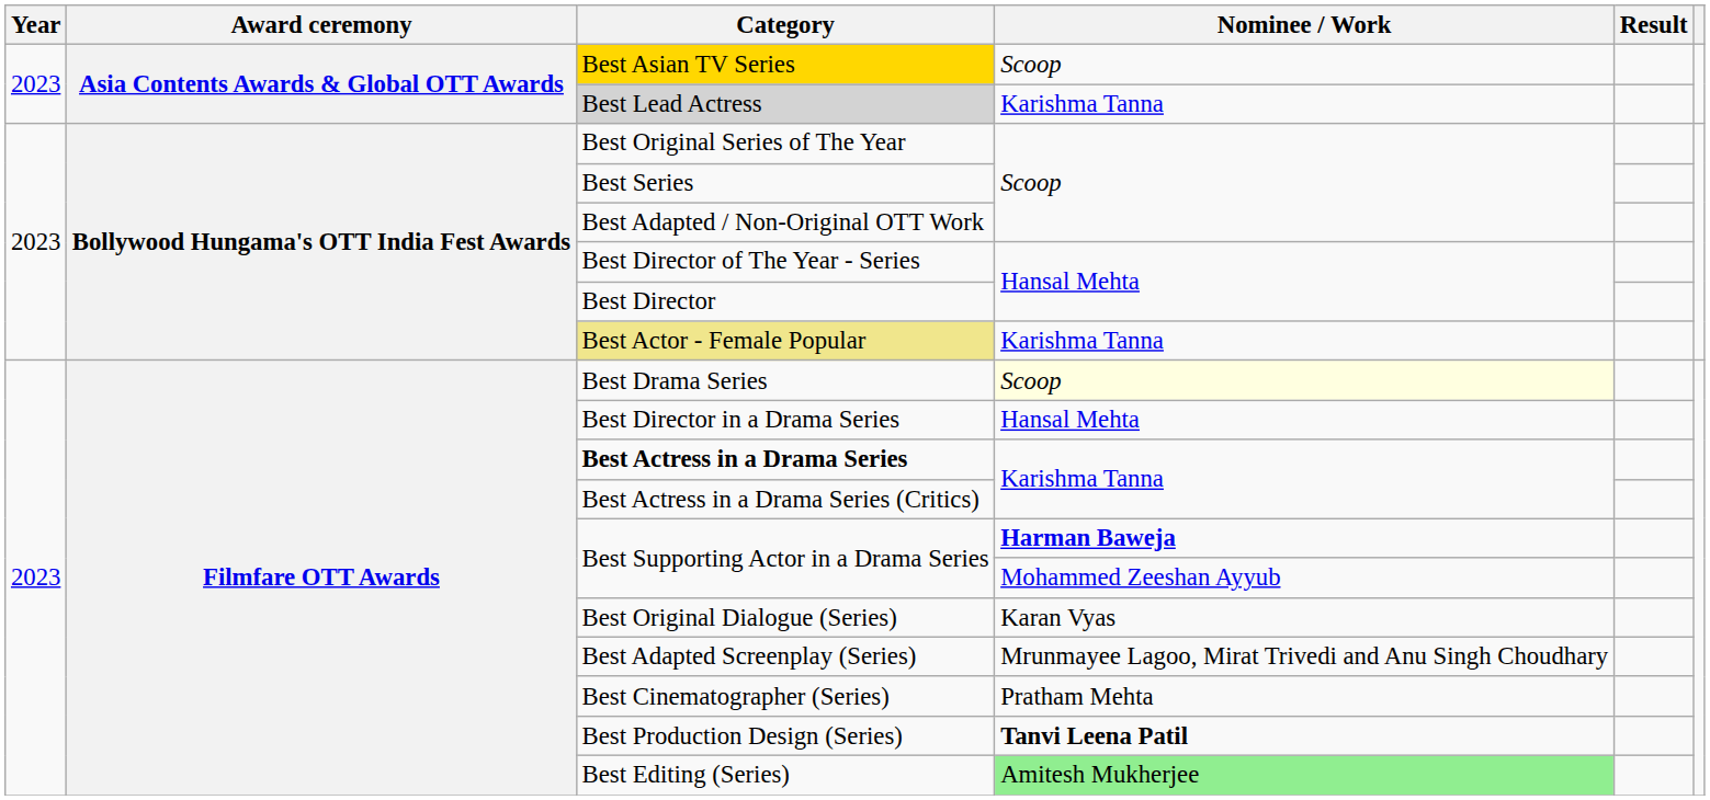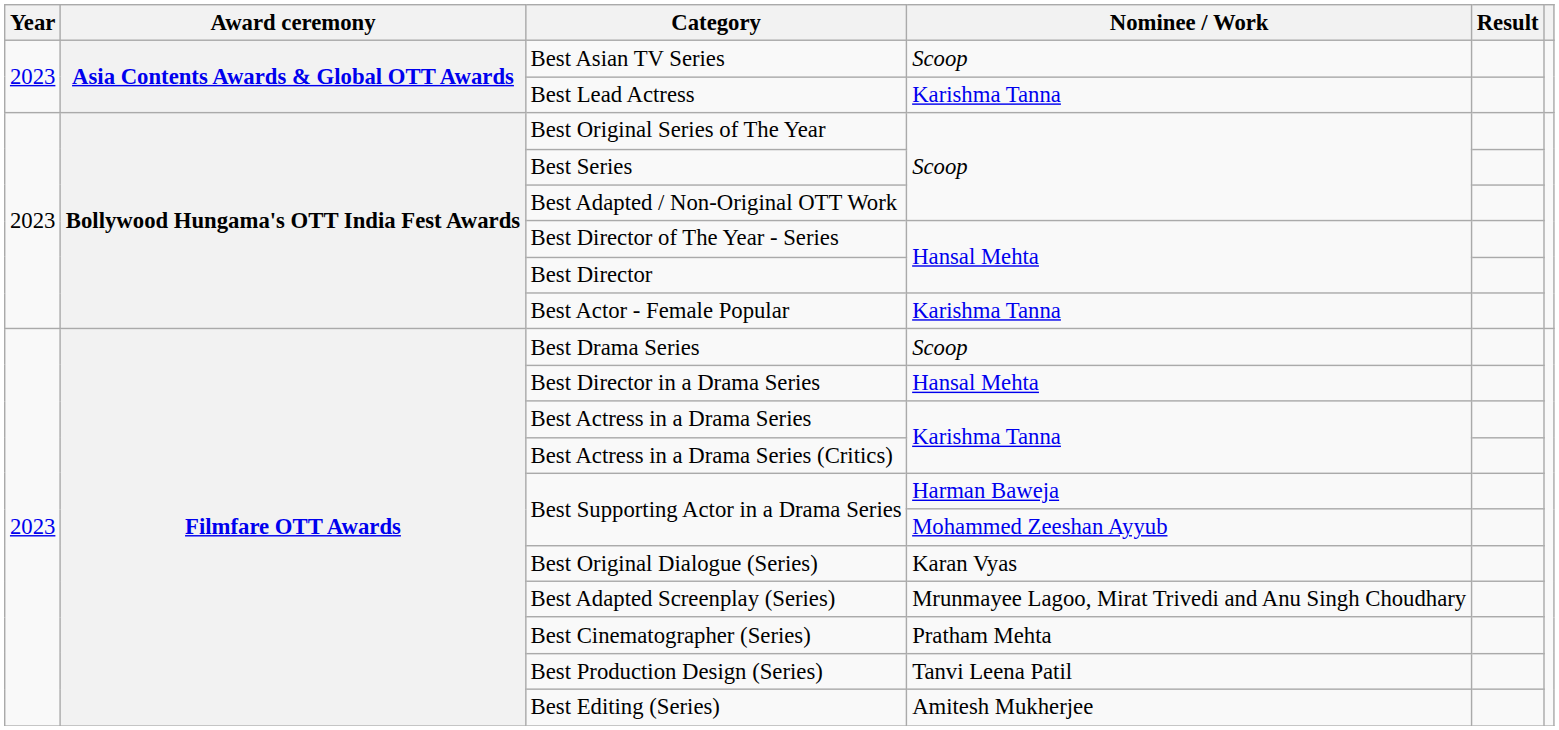 <table class="wikitable plainrowheaders sortable">
 <tr>
 <th scope="col">Year</th>
 <th scope="col">Award ceremony</th>
 <th scope="col">Category</th>
 <th scope="col">Nominee / Work</th>
 <th scope="col">Result</th>
 <th scope="col" class="unsortable"></th>
 </tr>
 <tr>
 <td rowspan=2><a href='#'>2023</a></td>
 <th scope="row" rowspan=2><a href='#'>Asia Contents Awards & Global OTT Awards</a></th>
-<td style="background: gold;">Best Asian TV Series</td>
+<td>Best Asian TV Series</td>
 <td><em>Scoop</em></td>
 <td></td>
 <td style="text-align: center;" rowspan="2"></td>
 </tr>
 <tr>
-<td style="background: lightgrey;">Best Lead Actress</td>
+<td>Best Lead Actress</td>
 <td><a href='#'>Karishma Tanna</a></td>
 <td></td>
 </tr>
 <tr>
 <td rowspan="6">2023</td>
 <th scope="row" rowspan="6">Bollywood Hungama's OTT India Fest Awards</th>
 <td>Best Original Series of The Year</td>
 <td rowspan="3"><em>Scoop</em></td>
 <td></td>
 <td rowspan="6"></td>
 </tr>
 <tr>
 <td>Best Series</td>
 <td></td>
 </tr>
 <tr>
 <td>Best Adapted / Non-Original OTT Work</td>
 <td></td>
 </tr>
 <tr>
 <td>Best Director of The Year - Series</td>
 <td rowspan="2"><a href='#'>Hansal Mehta</a></td>
 <td></td>
 </tr>
 <tr>
 <td>Best Director</td>
 <td></td>
 </tr>
 <tr>
-<td style="background: khaki;">Best Actor - Female Popular</td>
+<td>Best Actor - Female Popular</td>
 <td><a href='#'>Karishma Tanna</a></td>
 <td></td>
 </tr>
 <tr>
 <td rowspan="11"><a href='#'>2023</a></td>
 <th rowspan="11" scope="row"><a href='#'>Filmfare OTT Awards</a></th>
 <td>Best Drama Series</td>
-<td style="background: lightyellow;"><em>Scoop</em></td>
+<td><em>Scoop</em></td>
 <td></td>
 <td rowspan="11" style="text-align: center;"></td>
 </tr>
 <tr>
 <td>Best Director in a Drama Series</td>
 <td><a href='#'>Hansal Mehta</a></td>
 <td></td>
 </tr>
 <tr>
-<td><strong>Best Actress in a Drama Series</strong></td>
+<td>Best Actress in a Drama Series</td>
 <td rowspan="2"><a href='#'>Karishma Tanna</a></td>
 <td></td>
 </tr>
 <tr>
 <td>Best Actress in a Drama Series (Critics)</td>
 <td></td>
 </tr>
 <tr>
 <td rowspan="2">Best Supporting Actor in a Drama Series</td>
-<td><strong><a href='#'>Harman Baweja</a></strong></td>
+<td><a href='#'>Harman Baweja</a></td>
 <td></td>
 </tr>
 <tr>
 <td><a href='#'>Mohammed Zeeshan Ayyub</a></td>
 <td></td>
 </tr>
 <tr>
 <td>Best Original Dialogue (Series)</td>
 <td>Karan Vyas</td>
 <td></td>
 </tr>
 <tr>
 <td>Best Adapted Screenplay (Series)</td>
 <td>Mrunmayee Lagoo, Mirat Trivedi and Anu Singh Choudhary</td>
 <td></td>
 </tr>
 <tr>
 <td>Best Cinematographer (Series)</td>
 <td>Pratham Mehta</td>
 <td></td>
 </tr>
 <tr>
 <td>Best Production Design (Series)</td>
-<td><strong>Tanvi Leena Patil</strong></td>
+<td>Tanvi Leena Patil</td>
 <td></td>
 </tr>
 <tr>
 <td>Best Editing (Series)</td>
-<td style="background: lightgreen;">Amitesh Mukherjee</td>
+<td>Amitesh Mukherjee</td>
 <td></td>
 </tr>
 </table>
